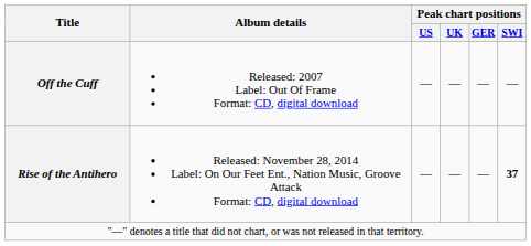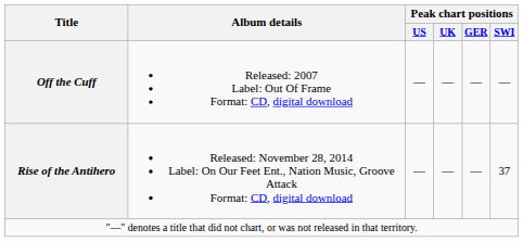 <table class="wikitable plainrowheaders" style="text-align:center;">
 <tr>
 <th scope="col" rowspan="2" style="width:10em;">Title</th>
 <th scope="col" rowspan="2" style="width:23em;">Album details</th>
 <th scope="col" colspan="6">Peak chart positions</th>
 </tr>
 <tr>
 <th scope="col" style="width:2.2em;font-size:90%;"><a href='#'>US</a><br></th>
 <th scope="col" style="width:2.2em;font-size:90%;"><a href='#'>UK</a><br></th>
 <th scope="col" style="width:2.2em;font-size:90%;"><a href='#'>GER</a><br></th>
 <th scope="col" style="width:2.2em;font-size:90%;"><a href='#'>SWI</a><br></th>
 </tr>
 <tr>
 <th scope="row"><em>Off the Cuff</em></th>
 <td><br><ul><li>Released: 2007</li><li>Label: Out Of Frame</li><li>Format: <a href='#'>CD</a>, <a href='#'>digital download</a></li></ul></td>
 <td>—</td>
 <td>—</td>
 <td>—</td>
 <td>—</td>
 </tr>
 <tr>
 <th scope="row"><em>Rise of the Antihero</em></th>
 <td><br><ul><li>Released: November 28, 2014</li><li>Label: On Our Feet Ent., Nation Music, Groove Attack</li><li>Format: <a href='#'>CD</a>, <a href='#'>digital download</a></li></ul></td>
 <td>—</td>
 <td>—</td>
 <td>—</td>
-<td><strong>37</strong></td>
+<td>37</td>
 </tr>
 <tr scope>
 <td colspan="14" style="font-size:90%">"—" denotes a title that did not chart, or was not released in that territory.</td>
 </tr>
 </table>
